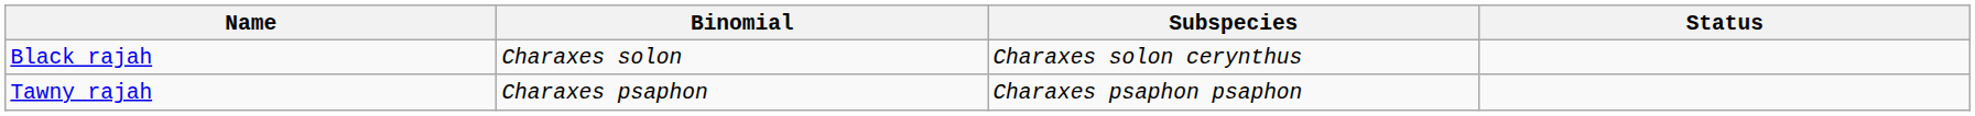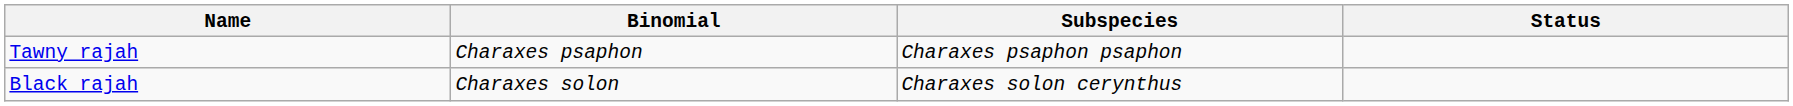 <table width=60% class="wikitable">
 <tr>
 <th width=20%>Name</th>
 <th width=20%>Binomial</th>
 <th width=20%>Subspecies</th>
 <th width=20%>Status</th>
 </tr>
 <tr>
+<td><a href='#'>Tawny rajah</a><br>   </td>
+<td><em>Charaxes psaphon</em></td>
+<td><em>Charaxes psaphon psaphon</em></td>
+<td></td>
+</tr>
+<tr>
 <td><a href='#'>Black rajah</a><br>   </td>
 <td><em>Charaxes solon</em></td>
 <td><em>Charaxes solon cerynthus</em></td>
 <td></td>
 </tr>
-<tr>
-<td><a href='#'>Tawny rajah</a><br>   </td>
-<td><em>Charaxes psaphon</em></td>
-<td><em>Charaxes psaphon psaphon</em></td>
-<td></td>
-</tr>
 </table>
